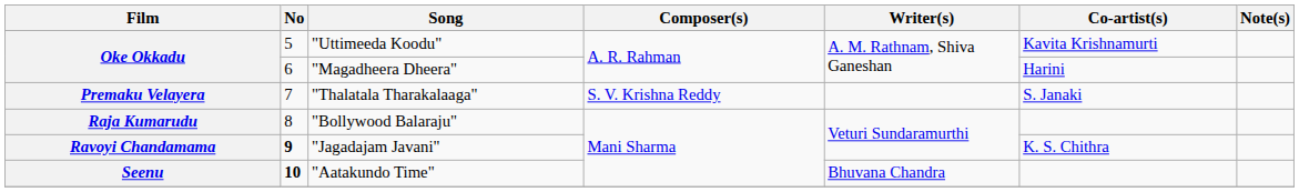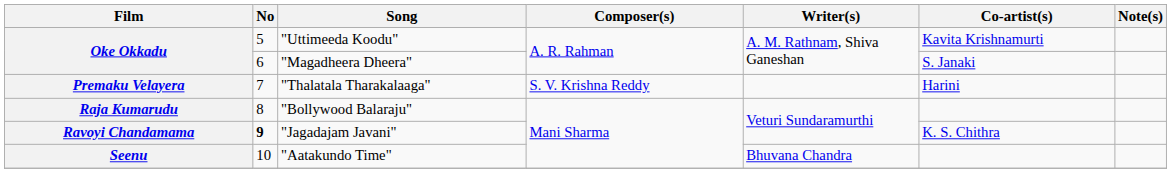 <table class="wikitable plainrowheaders" width="100%" textcolor:#000;">
 <tr style="background:#b0e0e66;">
 <th scope="col" width=23%><strong>Film</strong></th>
 <th>No</th>
 <th scope="col" width="23%"><strong>Song</strong></th>
 <th scope="col" width=20%><strong>Composer(s)</strong></th>
 <th scope="col" width=16%><strong>Writer(s)</strong></th>
 <th scope="col" width=18%><strong>Co-artist(s)</strong></th>
 <th>Note(s)</th>
 </tr>
 <tr>
 <th rowspan="2"><em><a href='#'>Oke Okkadu</a></em></th>
 <td>5</td>
 <td>"Uttimeeda Koodu"</td>
 <td rowspan="2"><a href='#'>A. R. Rahman</a></td>
 <td rowspan="2"><a href='#'>A. M. Rathnam</a>, Shiva Ganeshan</td>
 <td><a href='#'>Kavita Krishnamurti</a></td>
 <td></td>
 </tr>
 <tr>
 <td>6</td>
 <td>"Magadheera Dheera"</td>
-<td><a href='#'>Harini</a></td>
+<td><a href='#'>S. Janaki</a></td>
 <td></td>
 </tr>
 <tr>
 <th><em><a href='#'>Premaku Velayera</a></em></th>
 <td>7</td>
 <td>"Thalatala Tharakalaaga"</td>
 <td><a href='#'>S. V. Krishna Reddy</a></td>
 <td></td>
-<td><a href='#'>S. Janaki</a></td>
+<td><a href='#'>Harini</a></td>
 <td></td>
 </tr>
 <tr>
 <th><em><a href='#'>Raja Kumarudu</a></em></th>
 <td>8</td>
 <td>"Bollywood Balaraju"</td>
 <td rowspan="3"><a href='#'>Mani Sharma</a></td>
 <td rowspan="2"><a href='#'>Veturi Sundaramurthi</a></td>
 <td></td>
 <td></td>
 </tr>
 <tr>
 <th><em><a href='#'>Ravoyi Chandamama</a></em></th>
 <td><strong>9</strong></td>
 <td>"Jagadajam Javani"</td>
 <td><a href='#'>K. S. Chithra</a></td>
 <td></td>
 </tr>
 <tr>
 <th><em><a href='#'>Seenu</a></em></th>
-<td><strong>10</strong></td>
+<td>10</td>
 <td>"Aatakundo Time"</td>
 <td><a href='#'>Bhuvana Chandra</a></td>
 <td></td>
 <td></td>
 </tr>
 <tr>
 </tr>
 </table>
